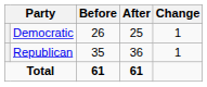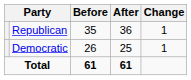 <table class="wikitable" style="text-align:center;">
 <tr>
 <th colspan="2">Party</th>
 <th>Before</th>
 <th>After</th>
 <th>Change</th>
 </tr>
 <tr>
 <th style="background-color:"></th>
-<td style="text-align:left;"><a href='#'>Democratic</a></td>
-<td>26</td>
-<td>25</td>
+<td style="text-align:left;"><a href='#'>Republican</a></td>
+<td>35</td>
+<td>36</td>
 <td> 1</td>
 </tr>
 <tr>
 <th style="background-color:"></th>
-<td style="text-align:left;"><a href='#'>Republican</a></td>
-<td>35</td>
-<td>36</td>
+<td style="text-align:left;"><a href='#'>Democratic</a></td>
+<td>26</td>
+<td>25</td>
 <td> 1</td>
 </tr>
 <tr>
 <td colspan="2"><strong>Total</strong></td>
 <td><strong>61</strong></td>
 <td><strong>61</strong></td>
 <td></td>
 </tr>
 </table>
